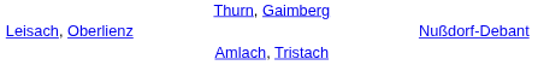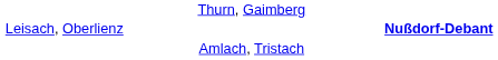 <table width="50%">
 <tr ---->
 <td width ="33%" align="center"></td>
 <td width ="33%" align="center"><a href='#'>Thurn</a>, <a href='#'>Gaimberg</a></td>
 <td width ="33%" align="center"></td>
 </tr>
 <tr ---->
 <td width ="33%" align="center"><a href='#'>Leisach</a>, <a href='#'>Oberlienz</a></td>
 <td width ="33%" align="center"></td>
-<td width ="33%" align="center"><a href='#'>Nußdorf-Debant</a></td>
+<td width ="33%" align="center"><strong><a href='#'>Nußdorf-Debant</a></strong></td>
 </tr>
 <tr ---->
 <td width ="33%" align="center"></td>
 <td width ="33%" align="center"><a href='#'>Amlach</a>, <a href='#'>Tristach</a></td>
 <td width ="33%" align="center"></td>
 </tr>
 </table>
